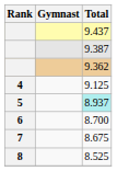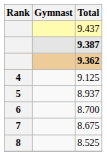 <table class="wikitable sortable" style="text-align:center; font-size:95%">
 <tr>
 <th scope=col>Rank</th>
 <th scope=col>Gymnast</th>
 <th scope=col>Total</th>
 </tr>
 <tr bgcolor=fffcaf>
 <th scope=row style="text-align:center"></th>
 <td align=left></td>
 <td>9.437</td>
 </tr>
 <tr bgcolor=e5e5e5>
 <th scope=row style="text-align:center"></th>
 <td align=left></td>
-<td>9.387</td>
+<td><strong>9.387</strong></td>
 </tr>
 <tr bgcolor=eecc99>
 <th scope=row style="text-align:center"></th>
 <td align=left></td>
-<td>9.362</td>
+<td><strong>9.362</strong></td>
 </tr>
 <tr>
 <th scope=row style="text-align:center">4</th>
 <td align=left></td>
 <td>9.125</td>
 </tr>
 <tr>
 <th scope=row style="text-align:center">5</th>
 <td align=left></td>
-<td style="background: paleturquoise;">8.937</td>
+<td>8.937</td>
 </tr>
 <tr>
 <th scope=row style="text-align:center">6</th>
 <td align=left></td>
 <td>8.700</td>
 </tr>
 <tr>
 <th scope=row style="text-align:center">7</th>
 <td align=left></td>
 <td>8.675</td>
 </tr>
 <tr>
 <th scope=row style="text-align:center">8</th>
 <td align=left></td>
 <td>8.525</td>
 </tr>
 <tr>
 </tr>
 </table>
